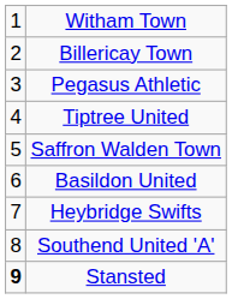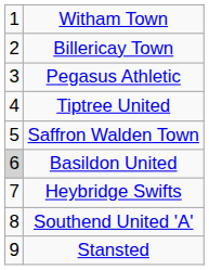 <table class="wikitable" style="text-align: center">
 <tr>
 <td>1</td>
 <td><a href='#'>Witham Town</a></td>
 </tr>
 <tr>
 <td>2</td>
 <td><a href='#'>Billericay Town</a></td>
 </tr>
 <tr>
 <td>3</td>
 <td><a href='#'>Pegasus Athletic</a></td>
 </tr>
 <tr>
 <td>4</td>
 <td><a href='#'>Tiptree United</a></td>
 </tr>
 <tr>
 <td>5</td>
 <td><a href='#'>Saffron Walden Town</a></td>
 </tr>
 <tr>
-<td>6</td>
+<td style="background: lightgrey;">6</td>
 <td><a href='#'>Basildon United</a></td>
 </tr>
 <tr>
 <td>7</td>
 <td><a href='#'>Heybridge Swifts</a></td>
 </tr>
 <tr>
 <td>8</td>
 <td><a href='#'>Southend United 'A'</a></td>
 </tr>
 <tr>
-<td><strong>9</strong></td>
+<td>9</td>
 <td><a href='#'>Stansted</a></td>
 </tr>
 </table>
